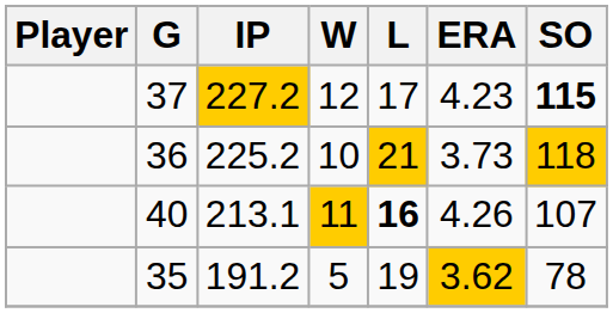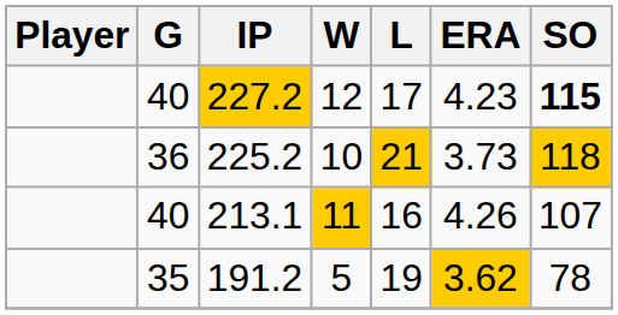 <table class="wikitable sortable">
 <tr>
 <th>Player</th>
 <th>G</th>
 <th>IP</th>
 <th>W</th>
 <th>L</th>
 <th>ERA</th>
 <th>SO</th>
 </tr>
 <tr align="center">
 <td></td>
-<td>37</td>
+<td>40</td>
 <td bgcolor="#FFCC00">227.2</td>
 <td>12</td>
 <td>17</td>
 <td>4.23</td>
 <td><strong>115</strong></td>
 </tr>
 <tr align="center">
 <td></td>
 <td>36</td>
 <td>225.2</td>
 <td>10</td>
 <td bgcolor="#FFCC00">21</td>
 <td>3.73</td>
 <td bgcolor="#FFCC00">118</td>
 </tr>
 <tr align="center">
 <td></td>
 <td>40</td>
 <td>213.1</td>
 <td bgcolor="#FFCC00">11</td>
-<td><strong>16</strong></td>
+<td>16</td>
 <td>4.26</td>
 <td>107</td>
 </tr>
 <tr align="center">
 <td></td>
 <td>35</td>
 <td>191.2</td>
 <td>5</td>
 <td>19</td>
 <td bgcolor="#FFCC00">3.62</td>
 <td>78</td>
 </tr>
 <tr align="center">
 </tr>
 </table>
